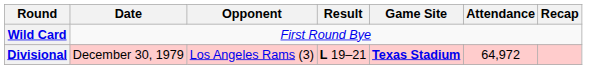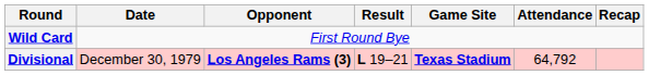 <table class="wikitable" style="text-align:center">
 <tr>
 <th>Round</th>
 <th>Date</th>
 <th>Opponent</th>
 <th>Result</th>
 <th>Game Site</th>
 <th>Attendance</th>
 <th>Recap</th>
 </tr>
 <tr>
 <th><a href='#'>Wild Card</a></th>
 <td colspan=7><em><a href='#'>First Round Bye</a></em></td>
 </tr>
 <tr style="background: #fcc">
 <th><a href='#'>Divisional</a></th>
 <td>December 30, 1979</td>
-<td><a href='#'>Los Angeles Rams</a> (3)</td>
+<td><strong><a href='#'>Los Angeles Rams</a> (3)</strong></td>
 <td><strong>L</strong> 19–21</td>
 <td><strong><a href='#'>Texas Stadium</a></strong></td>
-<td>64,972</td>
+<td>64,792</td>
 <td></td>
 </tr>
 </table>
